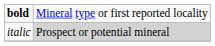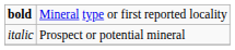 <table class="wikitable">
 <tr>
 <td><strong>bold</strong></td>
 <td><a href='#'>Mineral</a> <a href='#'>type</a> or first reported locality</td>
 </tr>
 <tr>
 <td><em>italic</em></td>
-<td style="background: lightgrey;">Prospect or potential mineral</td>
+<td>Prospect or potential mineral</td>
 </tr>
 <tr>
 </tr>
 </table>
